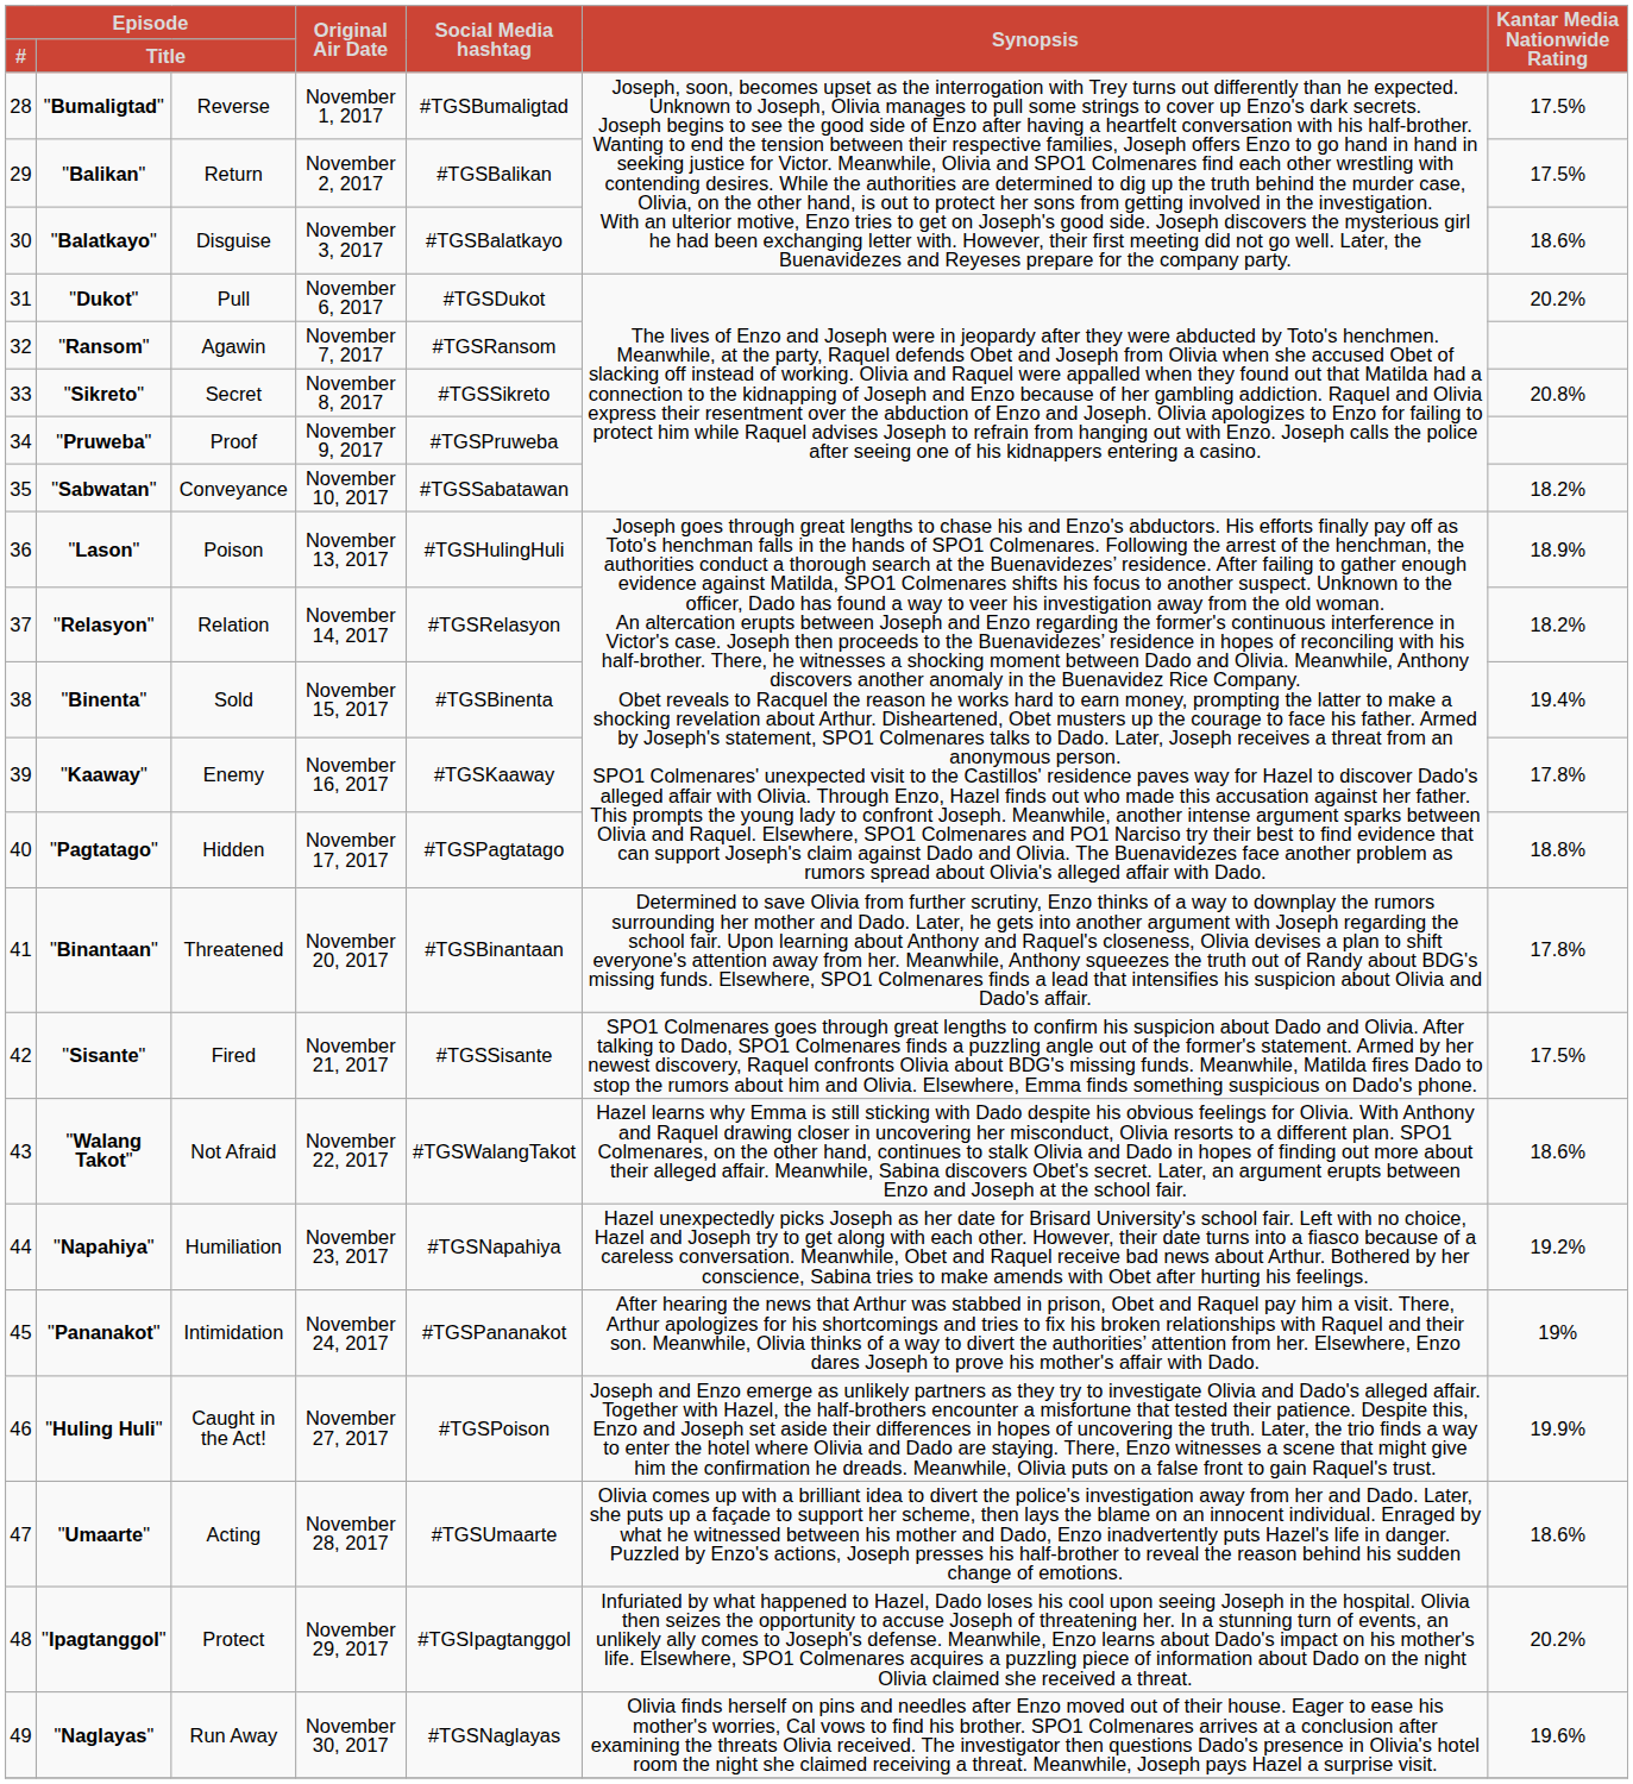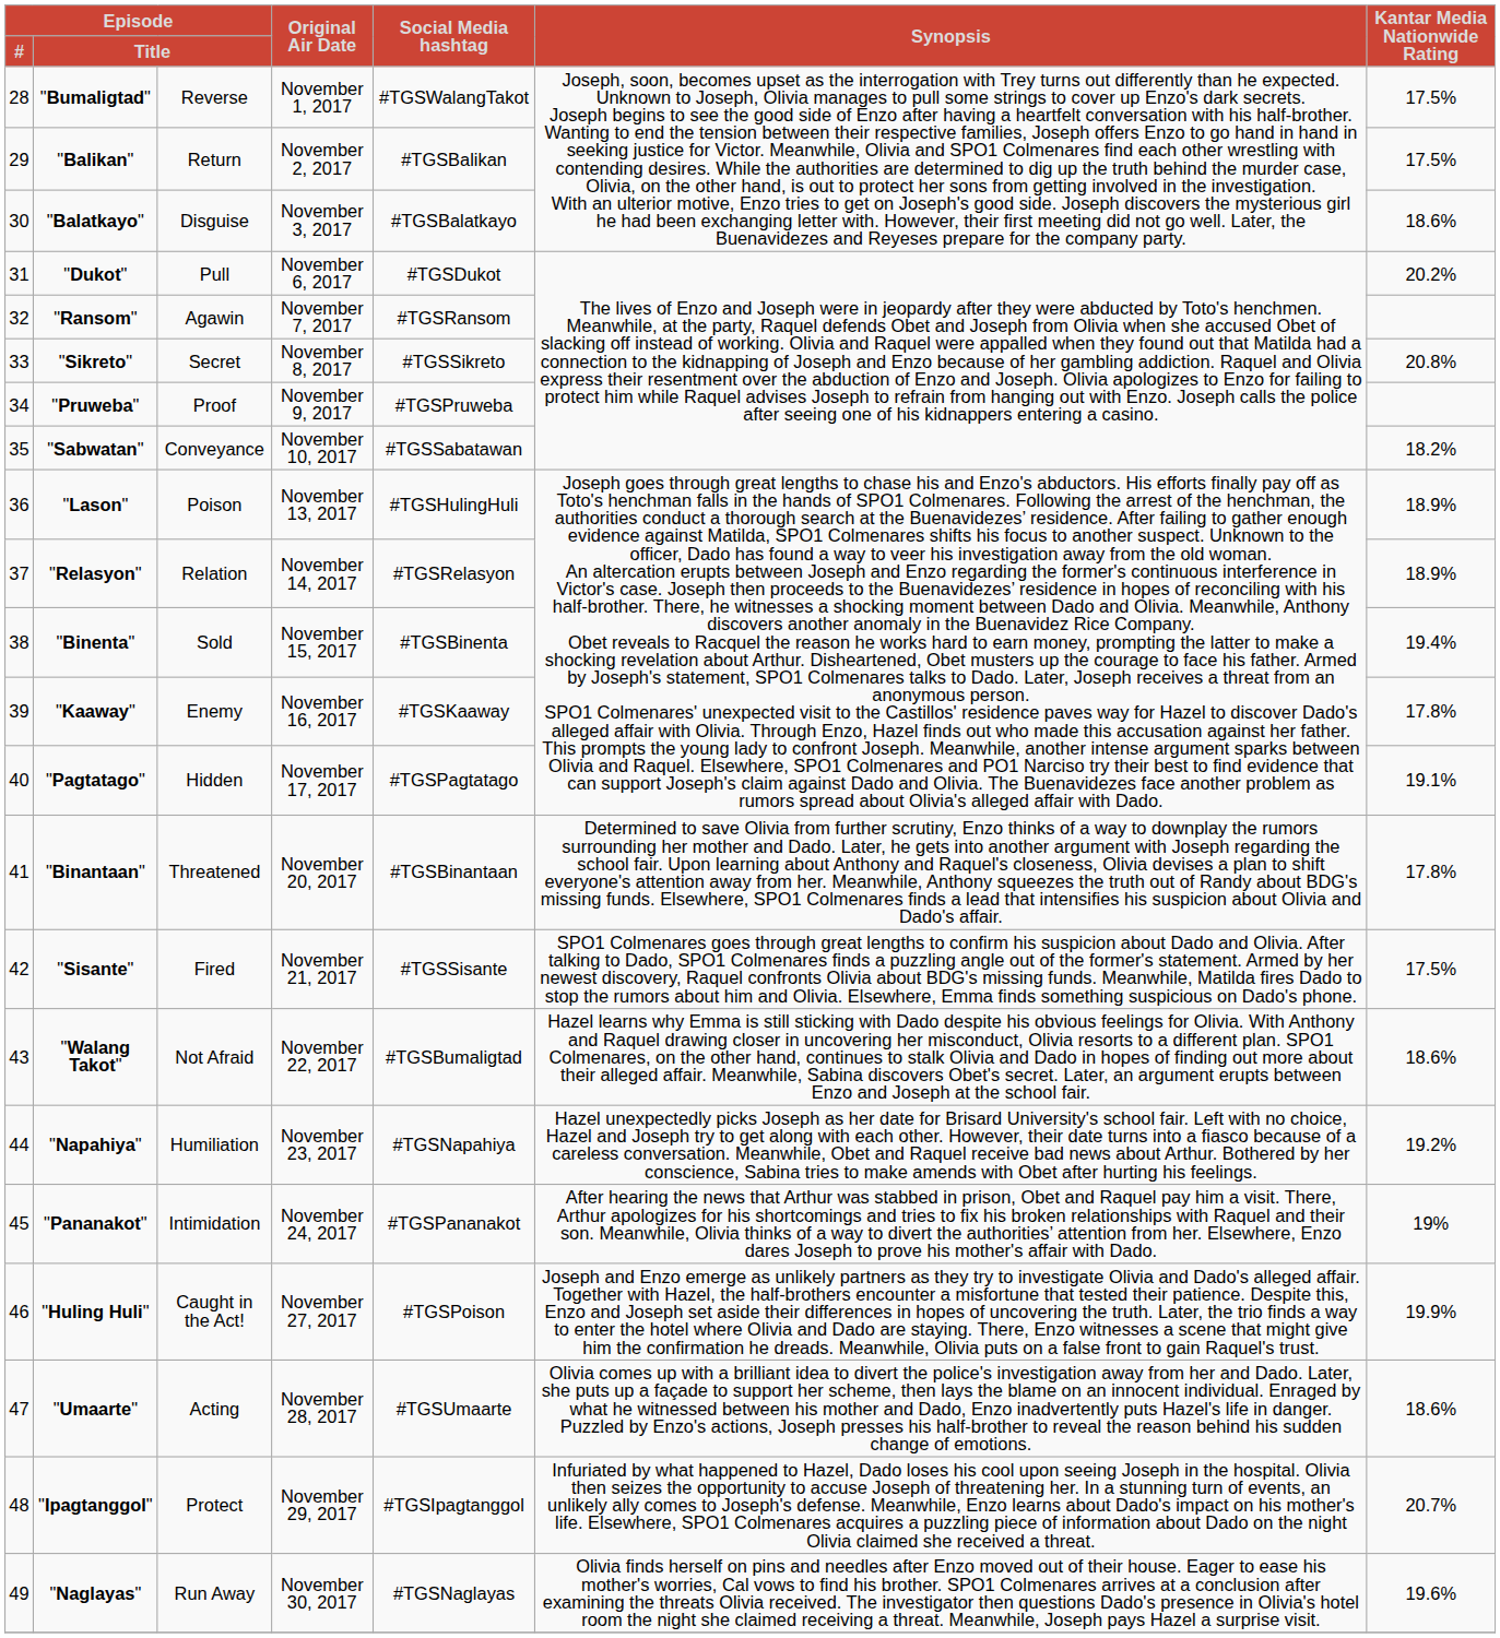 <table class="wikitable" style="text-align:center; font-size:95%; line-height:15px;"  width="100%">
 <tr>
 <th style="background-color:#cc4435; color:#dbdbdb;" colspan="3">Episode</th>
 <th style="background-color:#cc4435; color:#dbdbdb;" rowspan="2">Original Air Date</th>
 <th style="background-color:#cc4435; color:#dbdbdb;" rowspan="2">Social Media hashtag</th>
 <th style="background-color:#cc4435; color:#dbdbdb;" rowspan="2">Synopsis</th>
 <th style="background-color:#cc4435; color:#dbdbdb;" colspan="2" rowspan="2">Kantar Media Nationwide Rating</th>
 </tr>
 <tr>
 <th style="background-color:#cc4435; color:#dbdbdb;">#</th>
 <th style="background-color:#cc4435; color:#dbdbdb;" colspan="2">Title</th>
 </tr>
 <tr>
 <td>28</td>
 <td>"<span><strong>Bumaligtad</strong></span>"</td>
 <td>Reverse</td>
 <td>November 1, 2017</td>
-<td>#TGSBumaligtad</td>
+<td>#TGSWalangTakot</td>
 <td rowspan="3">Joseph, soon, becomes upset as the interrogation with Trey turns out differently than he expected. Unknown to Joseph, Olivia manages to pull some strings to cover up Enzo's dark secrets.<br>Joseph begins to see the good side of Enzo after having a heartfelt conversation with his half-brother. Wanting to end the tension between their respective families, Joseph offers Enzo to go hand in hand in seeking justice for Victor. Meanwhile, Olivia and SPO1 Colmenares find each other wrestling with contending desires. While the authorities are determined to dig up the truth behind the murder case, Olivia, on the other hand, is out to protect her sons from getting involved in the investigation.<br>With an ulterior motive, Enzo tries to get on Joseph's good side. Joseph discovers the mysterious girl he had been exchanging letter with. However, their first meeting did not go well. Later, the Buenavidezes and Reyeses prepare for the company party.</td>
 <td>17.5%</td>
 </tr>
 <tr>
 <td>29</td>
 <td>"<span><strong>Balikan</strong></span>"</td>
 <td>Return</td>
 <td>November 2, 2017</td>
 <td>#TGSBalikan</td>
 <td>17.5%</td>
 </tr>
 <tr>
 <td>30</td>
 <td>"<span><strong>Balatkayo</strong></span>"</td>
 <td>Disguise</td>
 <td>November 3, 2017</td>
 <td>#TGSBalatkayo</td>
 <td>18.6%</td>
 </tr>
 <tr>
 <td>31</td>
 <td>"<span><strong>Dukot</strong></span>"</td>
 <td>Pull</td>
 <td>November 6, 2017</td>
 <td>#TGSDukot</td>
 <td rowspan="5”">The lives of Enzo and Joseph were in jeopardy after they were abducted by Toto's henchmen. Meanwhile, at the party, Raquel defends Obet and Joseph from Olivia when she accused Obet of slacking off instead of working. Olivia and Raquel were appalled when they found out that Matilda had a connection to the kidnapping of Joseph and Enzo because of her gambling addiction. Raquel and Olivia express their resentment over the abduction of Enzo and Joseph. Olivia apologizes to Enzo for failing to protect him while Raquel advises Joseph to refrain from hanging out with Enzo. Joseph calls the police after seeing one of his kidnappers entering a casino.</td>
 <td>20.2%</td>
 </tr>
 <tr>
 <td>32</td>
 <td>"<span><strong>Ransom</strong></span>"</td>
 <td>Agawin</td>
 <td>November 7, 2017</td>
 <td>#TGSRansom</td>
 <td></td>
 </tr>
 <tr>
 <td>33</td>
 <td>"<span><strong>Sikreto</strong></span>"</td>
 <td>Secret</td>
 <td>November 8, 2017</td>
 <td>#TGSSikreto</td>
 <td>20.8%</td>
 </tr>
 <tr>
 <td>34</td>
 <td>"<span><strong>Pruweba</strong></span>"</td>
 <td>Proof</td>
 <td>November 9, 2017</td>
 <td>#TGSPruweba</td>
 <td></td>
 </tr>
 <tr>
 <td>35</td>
 <td>"<span><strong>Sabwatan</strong></span>"</td>
 <td>Conveyance</td>
 <td>November 10, 2017</td>
 <td>#TGSSabatawan</td>
 <td>18.2%</td>
 </tr>
 <tr>
 <td>36</td>
 <td>"<span><strong>Lason</strong></span>"</td>
 <td>Poison</td>
 <td>November 13, 2017</td>
 <td>#TGSHulingHuli</td>
 <td rowspan="5”">Joseph goes through great lengths to chase his and Enzo's abductors. His efforts finally pay off as Toto's henchman falls in the hands of SPO1 Colmenares. Following the arrest of the henchman, the authorities conduct a thorough search at the Buenavidezes’ residence. After failing to gather enough evidence against Matilda, SPO1 Colmenares shifts his focus to another suspect. Unknown to the officer, Dado has found a way to veer his investigation away from the old woman.<br>An altercation erupts between Joseph and Enzo regarding the former's continuous interference in Victor's case. Joseph then proceeds to the Buenavidezes’ residence in hopes of reconciling with his half-brother. There, he witnesses a shocking moment between Dado and Olivia. Meanwhile, Anthony discovers another anomaly in the Buenavidez Rice Company.<br>Obet reveals to Racquel the reason he works hard to earn money, prompting the latter to make a shocking revelation about Arthur. Disheartened, Obet musters up the courage to face his father. Armed by Joseph's statement, SPO1 Colmenares talks to Dado. Later, Joseph receives a threat from an anonymous person.<br>SPO1 Colmenares' unexpected visit to the Castillos' residence paves way for Hazel to discover Dado's alleged affair with Olivia. Through Enzo, Hazel finds out who made this accusation against her father. This prompts the young lady to confront Joseph. Meanwhile, another intense argument sparks between Olivia and Raquel. Elsewhere, SPO1 Colmenares and PO1 Narciso try their best to find evidence that can support Joseph's claim against Dado and Olivia. The Buenavidezes face another problem as rumors spread about Olivia's alleged affair with Dado.</td>
 <td>18.9%</td>
 </tr>
 <tr>
 <td>37</td>
 <td>"<span><strong>Relasyon</strong></span>"</td>
 <td>Relation</td>
 <td>November 14, 2017</td>
 <td>#TGSRelasyon</td>
-<td>18.2%</td>
+<td>18.9%</td>
 </tr>
 <tr>
 <td>38</td>
 <td>"<span><strong>Binenta</strong></span>"</td>
 <td>Sold</td>
 <td>November 15, 2017</td>
 <td>#TGSBinenta</td>
 <td>19.4%</td>
 </tr>
 <tr>
 <td>39</td>
 <td>"<span><strong>Kaaway</strong></span>"</td>
 <td>Enemy</td>
 <td>November 16, 2017</td>
 <td>#TGSKaaway</td>
 <td>17.8%</td>
 </tr>
 <tr>
 <td>40</td>
 <td>"<span><strong>Pagtatago</strong></span>"</td>
 <td>Hidden</td>
 <td>November 17, 2017</td>
 <td>#TGSPagtatago</td>
-<td>18.8%</td>
+<td>19.1%</td>
 </tr>
 <tr>
 <td>41</td>
 <td>"<span><strong>Binantaan</strong></span>"</td>
 <td>Threatened</td>
 <td>November 20, 2017</td>
 <td>#TGSBinantaan</td>
 <td>Determined to save Olivia from further scrutiny, Enzo thinks of a way to downplay the rumors surrounding her mother and Dado. Later, he gets into another argument with Joseph regarding the school fair. Upon learning about Anthony and Raquel's closeness, Olivia devises a plan to shift everyone's attention away from her. Meanwhile, Anthony squeezes the truth out of Randy about BDG's missing funds.  Elsewhere, SPO1 Colmenares finds a lead that intensifies his suspicion about Olivia and Dado's affair.</td>
 <td>17.8%</td>
 </tr>
 <tr>
 <td>42</td>
 <td>"<span><strong>Sisante</strong></span>"</td>
 <td>Fired</td>
 <td>November 21, 2017</td>
 <td>#TGSSisante</td>
 <td>SPO1 Colmenares goes through great lengths to confirm his suspicion about Dado and Olivia. After talking to Dado, SPO1 Colmenares finds a puzzling angle out of the former's statement. Armed by her newest discovery, Raquel confronts Olivia about BDG's missing funds. Meanwhile, Matilda fires Dado to stop the rumors about him and Olivia. Elsewhere, Emma finds something suspicious on Dado's phone.</td>
 <td>17.5%</td>
 </tr>
 <tr>
 <td>43</td>
 <td>"<span><strong>Walang Takot</strong></span>"</td>
 <td>Not Afraid</td>
 <td>November 22, 2017</td>
-<td>#TGSWalangTakot</td>
+<td>#TGSBumaligtad</td>
 <td>Hazel learns why Emma is still sticking with Dado despite his obvious feelings for Olivia. With Anthony and Raquel drawing closer in uncovering her misconduct, Olivia resorts to a different plan. SPO1 Colmenares, on the other hand, continues to stalk Olivia and Dado in hopes of finding out more about their alleged affair. Meanwhile, Sabina discovers Obet's secret. Later, an argument erupts between Enzo and Joseph at the school fair.</td>
 <td>18.6%</td>
 </tr>
 <tr>
 <td>44</td>
 <td>"<span><strong>Napahiya</strong></span>"</td>
 <td>Humiliation</td>
 <td>November 23, 2017</td>
 <td>#TGSNapahiya</td>
 <td>Hazel unexpectedly picks Joseph as her date for Brisard University's school fair. Left with no choice, Hazel and Joseph try to get along with each other. However, their date turns into a fiasco because of a careless conversation. Meanwhile, Obet and Raquel receive bad news about Arthur. Bothered by her conscience, Sabina tries to make amends with Obet after hurting his feelings.</td>
 <td>19.2%</td>
 </tr>
 <tr>
 <td>45</td>
 <td>"<span><strong>Pananakot</strong></span>"</td>
 <td>Intimidation</td>
 <td>November 24, 2017</td>
 <td>#TGSPananakot</td>
 <td>After hearing the news that Arthur was stabbed in prison, Obet and Raquel pay him a visit. There, Arthur apologizes for his shortcomings and tries to fix his broken relationships with Raquel and their son. Meanwhile, Olivia thinks of a way to divert the authorities’ attention from her. Elsewhere, Enzo dares Joseph to prove his mother's affair with Dado.</td>
 <td>19%</td>
 </tr>
 <tr>
 <td>46</td>
 <td>"<span><strong>Huling Huli</strong></span>"</td>
 <td>Caught in the Act!</td>
 <td>November 27, 2017</td>
 <td>#TGSPoison</td>
 <td>Joseph and Enzo emerge as unlikely partners as they try to investigate Olivia and Dado's alleged affair. Together with Hazel, the half-brothers encounter a misfortune that tested their patience. Despite this, Enzo and Joseph set aside their differences in hopes of uncovering the truth. Later, the trio finds a way to enter the hotel where Olivia and Dado are staying. There, Enzo witnesses a scene that might give him the confirmation he dreads. Meanwhile, Olivia puts on a false front to gain Raquel's trust.</td>
 <td>19.9%</td>
 </tr>
 <tr>
 <td>47</td>
 <td>"<span><strong>Umaarte</strong></span>"</td>
 <td>Acting</td>
 <td>November 28, 2017</td>
 <td>#TGSUmaarte</td>
 <td>Olivia comes up with a brilliant idea to divert the police's investigation away from her and Dado. Later, she puts up a façade to support her scheme, then lays the blame on an innocent individual. Enraged by what he witnessed between his mother and Dado, Enzo inadvertently puts Hazel's life in danger. Puzzled by Enzo's actions, Joseph presses his half-brother to reveal the reason behind his sudden change of emotions.</td>
 <td>18.6%</td>
 </tr>
 <tr>
 <td>48</td>
 <td>"<span><strong>Ipagtanggol</strong></span>"</td>
 <td>Protect</td>
 <td>November 29, 2017</td>
 <td>#TGSIpagtanggol</td>
 <td>Infuriated by what happened to Hazel, Dado loses his cool upon seeing Joseph in the hospital. Olivia then seizes the opportunity to accuse Joseph of threatening her. In a stunning turn of events, an unlikely ally comes to Joseph's defense. Meanwhile, Enzo learns about Dado's impact on his mother's life. Elsewhere, SPO1 Colmenares acquires a puzzling piece of information about Dado on the night Olivia claimed she received a threat.</td>
-<td>20.2%</td>
+<td>20.7%</td>
 </tr>
 <tr>
 <td>49</td>
 <td>"<span><strong>Naglayas</strong></span>"</td>
 <td>Run Away</td>
 <td>November 30, 2017</td>
 <td>#TGSNaglayas</td>
 <td>Olivia finds herself on pins and needles after Enzo moved out of their house. Eager to ease his mother's worries, Cal vows to find his brother. SPO1 Colmenares arrives at a conclusion after examining the threats Olivia received. The investigator then questions Dado's presence in Olivia's hotel room the night she claimed receiving a threat. Meanwhile, Joseph pays Hazel a surprise visit.</td>
 <td>19.6%</td>
 </tr>
 <tr>
 </tr>
 </table>
